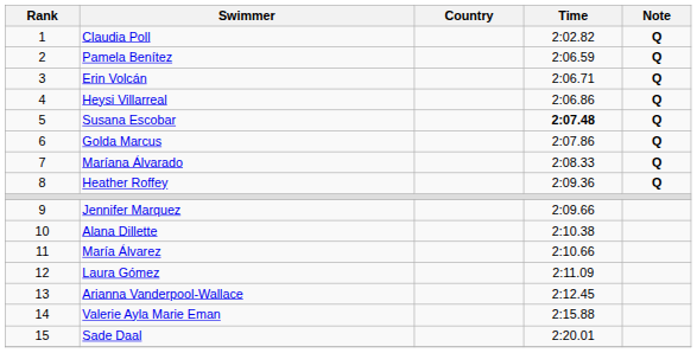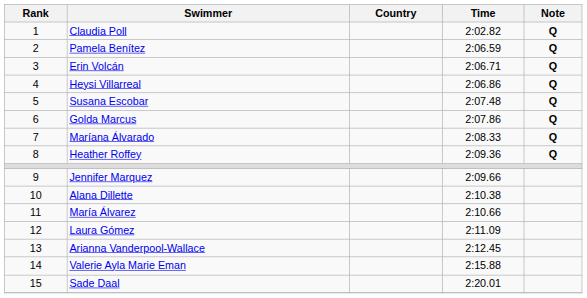 <table class="wikitable" style=" text-align:center; font-size:110%;" width="75%">
 <tr>
 <th>Rank</th>
 <th>Swimmer</th>
 <th>Country</th>
 <th>Time</th>
 <th>Note</th>
 </tr>
 <tr>
 <td>1</td>
 <td align=left><a href='#'>Claudia Poll</a></td>
 <td align=left></td>
 <td>2:02.82</td>
 <td><strong>Q</strong></td>
 </tr>
 <tr>
 <td>2</td>
 <td align=left><a href='#'>Pamela Benítez</a></td>
 <td align=left></td>
 <td>2:06.59</td>
 <td><strong>Q</strong></td>
 </tr>
 <tr>
 <td>3</td>
 <td align=left><a href='#'>Erin Volcán</a></td>
 <td align=left></td>
 <td>2:06.71</td>
 <td><strong>Q</strong></td>
 </tr>
 <tr>
 <td>4</td>
 <td align=left><a href='#'>Heysi Villarreal</a></td>
 <td align=left></td>
 <td>2:06.86</td>
 <td><strong>Q</strong></td>
 </tr>
 <tr>
 <td>5</td>
 <td align=left><a href='#'>Susana Escobar</a></td>
 <td align=left></td>
-<td><strong>2:07.48</strong></td>
+<td>2:07.48</td>
 <td><strong>Q</strong></td>
 </tr>
 <tr>
 <td>6</td>
 <td align=left><a href='#'>Golda Marcus</a></td>
 <td align=left></td>
 <td>2:07.86</td>
 <td><strong>Q</strong></td>
 </tr>
 <tr>
 <td>7</td>
 <td align=left><a href='#'>Maríana Álvarado</a></td>
 <td align=left></td>
 <td>2:08.33</td>
 <td><strong>Q</strong></td>
 </tr>
 <tr>
 <td>8</td>
 <td align=left><a href='#'>Heather Roffey</a></td>
 <td align=left></td>
 <td>2:09.36</td>
 <td><strong>Q</strong></td>
 </tr>
 <tr bgcolor=#DDDDDD>
 <td colspan=5></td>
 </tr>
 <tr>
 <td>9</td>
 <td align=left><a href='#'>Jennifer Marquez</a></td>
 <td align=left></td>
 <td>2:09.66</td>
 <td></td>
 </tr>
 <tr>
 <td>10</td>
 <td align=left><a href='#'>Alana Dillette</a></td>
 <td align=left></td>
 <td>2:10.38</td>
 <td></td>
 </tr>
 <tr>
 <td>11</td>
 <td align=left><a href='#'>María Álvarez</a></td>
 <td align=left></td>
 <td>2:10.66</td>
 <td></td>
 </tr>
 <tr>
 <td>12</td>
 <td align=left><a href='#'>Laura Gómez</a></td>
 <td align=left></td>
 <td>2:11.09</td>
 <td></td>
 </tr>
 <tr>
 <td>13</td>
 <td align=left><a href='#'>Arianna Vanderpool-Wallace</a></td>
 <td align=left></td>
 <td>2:12.45</td>
 <td></td>
 </tr>
 <tr>
 <td>14</td>
 <td align=left><a href='#'>Valerie Ayla Marie Eman</a></td>
 <td align=left></td>
 <td>2:15.88</td>
 <td></td>
 </tr>
 <tr>
 <td>15</td>
 <td align=left><a href='#'>Sade Daal</a></td>
 <td align=left></td>
 <td>2:20.01</td>
 <td></td>
 </tr>
 <tr>
 </tr>
 </table>
